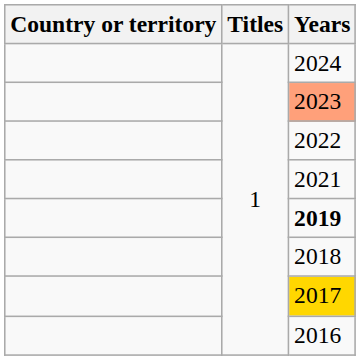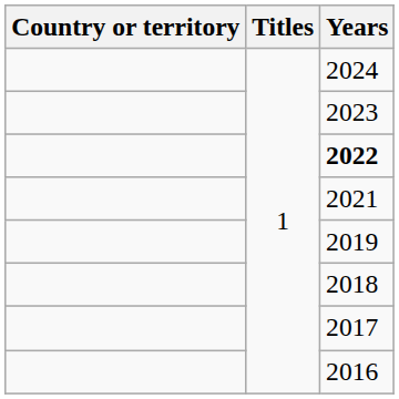 <table class="wikitable sortable" style="font-size: 95%">
 <tr>
 <th scope="col">Country or territory</th>
 <th scope="col">Titles</th>
 <th scope="col">Years</th>
 </tr>
 <tr>
 <td></td>
 <td rowspan="8"style="text-align:center;">1</td>
 <td>2024</td>
 </tr>
 <tr>
 <td></td>
-<td style="background: lightsalmon;">2023</td>
+<td>2023</td>
 </tr>
 <tr>
 <td></td>
-<td>2022</td>
+<td><strong>2022</strong></td>
 </tr>
 <tr>
 <td></td>
 <td>2021</td>
 </tr>
 <tr>
 <td></td>
-<td><strong>2019</strong></td>
+<td>2019</td>
 </tr>
 <tr>
 <td></td>
 <td>2018</td>
 </tr>
 <tr>
 <td></td>
-<td style="background: gold;">2017</td>
+<td>2017</td>
 </tr>
 <tr>
 <td></td>
 <td>2016</td>
 </tr>
 </table>
